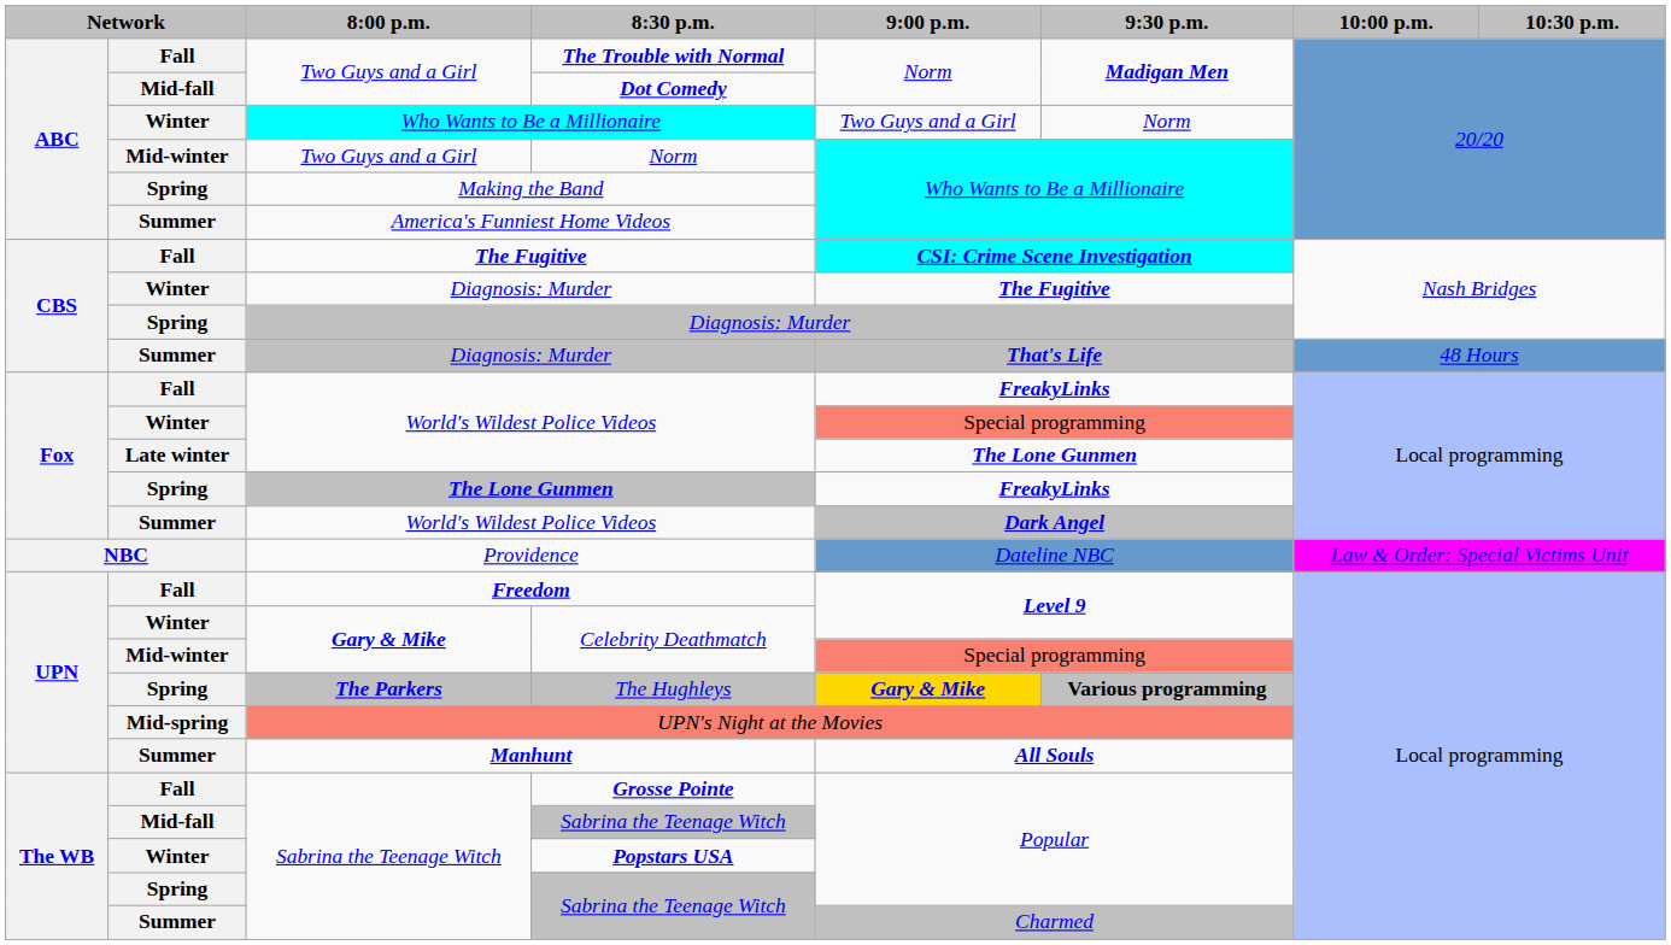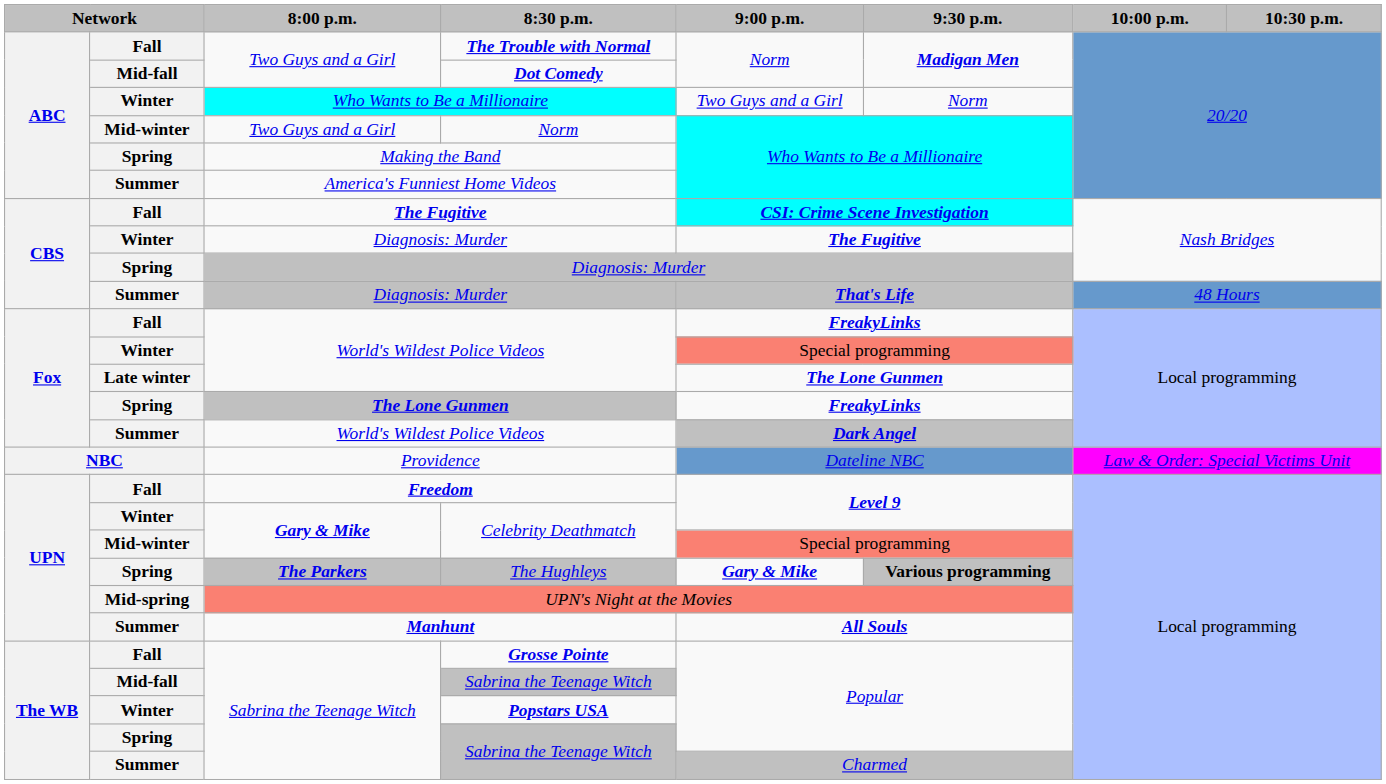 <table class="wikitable" style="width:100%;margin-right:0;text-align:center">
 <tr>
 <th colspan="2" style="background-color:#C0C0C0;text-align:center">Network</th>
 <th style="background-color:#C0C0C0;text-align:center">8:00 p.m.</th>
 <th style="background-color:#C0C0C0;text-align:center">8:30 p.m.</th>
 <th style="background-color:#C0C0C0;text-align:center">9:00 p.m.</th>
 <th style="background-color:#C0C0C0;text-align:center">9:30 p.m.</th>
 <th style="background-color:#C0C0C0;text-align:center">10:00 p.m.</th>
 <th style="background-color:#C0C0C0;text-align:center">10:30 p.m.</th>
 </tr>
 <tr>
 <th rowspan="6"><a href='#'>ABC</a></th>
 <th>Fall</th>
 <td rowspan="2"><em><a href='#'>Two Guys and a Girl</a></em></td>
 <td><strong><em><a href='#'>The Trouble with Normal</a></em></strong></td>
 <td rowspan="2"><em><a href='#'>Norm</a></em></td>
 <td rowspan="2"><strong><em><a href='#'>Madigan Men</a></em></strong></td>
 <td style="background:#6699CC;" colspan="2" rowspan="6"><em><a href='#'>20/20</a></em></td>
 </tr>
 <tr>
 <th>Mid-fall</th>
 <td><strong><em><a href='#'>Dot Comedy</a></em></strong></td>
 </tr>
 <tr>
 <th>Winter</th>
 <td style="background:cyan;" colspan="2"><em><a href='#'>Who Wants to Be a Millionaire</a></em> </td>
 <td><em><a href='#'>Two Guys and a Girl</a></em></td>
 <td><em><a href='#'>Norm</a></em></td>
 </tr>
 <tr>
 <th>Mid-winter</th>
 <td><em><a href='#'>Two Guys and a Girl</a></em></td>
 <td><em><a href='#'>Norm</a></em></td>
 <td style="background:cyan;" rowspan="3" colspan="2"><em><a href='#'>Who Wants to Be a Millionaire</a></em> </td>
 </tr>
 <tr>
 <th>Spring</th>
 <td colspan="2"><em><a href='#'>Making the Band</a></em></td>
 </tr>
 <tr>
 <th>Summer</th>
 <td colspan="2"><em><a href='#'>America's Funniest Home Videos</a></em></td>
 </tr>
 <tr>
 <th rowspan="4"><a href='#'>CBS</a></th>
 <th>Fall</th>
 <td colspan="2"><strong><em><a href='#'>The Fugitive</a></em></strong></td>
 <td style="background:#00FFFF;" colspan="2"><strong><em><a href='#'>CSI: Crime Scene Investigation</a></em></strong> </td>
 <td colspan="2" rowspan="3"><em><a href='#'>Nash Bridges</a></em></td>
 </tr>
 <tr>
 <th>Winter</th>
 <td colspan="2"><em><a href='#'>Diagnosis: Murder</a></em></td>
 <td colspan="2"><strong><em><a href='#'>The Fugitive</a></em></strong></td>
 </tr>
 <tr>
 <th>Spring</th>
 <td colspan="4" style="background:#C0C0C0;"><em><a href='#'>Diagnosis: Murder</a></em> </td>
 </tr>
 <tr>
 <th>Summer</th>
 <td colspan="2" style="background:#C0C0C0;"><em><a href='#'>Diagnosis: Murder</a></em> </td>
 <td colspan="2" style="background:#C0C0C0;"><strong><em><a href='#'>That's Life</a></em></strong> </td>
 <td style="background:#6699CC;" colspan="2"><em><a href='#'>48 Hours</a></em></td>
 </tr>
 <tr>
 <th rowspan="5"><a href='#'>Fox</a></th>
 <th>Fall</th>
 <td colspan="2" rowspan="3"><em><a href='#'>World's Wildest Police Videos</a></em></td>
 <td colspan="2"><strong><em><a href='#'>FreakyLinks</a></em></strong></td>
 <td style="background:#abbfff;" colspan="2" rowspan="5">Local programming</td>
 </tr>
 <tr>
 <th>Winter</th>
 <td style="background:#FA8072;" colspan="2">Special programming</td>
 </tr>
 <tr>
 <th>Late winter</th>
 <td colspan="2"><strong><em><a href='#'>The Lone Gunmen</a></em></strong></td>
 </tr>
 <tr>
 <th>Spring</th>
 <td colspan="2" style="background:#C0C0C0;"><strong><em><a href='#'>The Lone Gunmen</a></em></strong> </td>
 <td colspan="2"><strong><em><a href='#'>FreakyLinks</a></em></strong></td>
 </tr>
 <tr>
 <th>Summer</th>
 <td colspan="2"><em><a href='#'>World's Wildest Police Videos</a></em></td>
 <td colspan="2" style="background:#C0C0C0;"><strong><em><a href='#'>Dark Angel</a></em></strong> </td>
 </tr>
 <tr>
 <th colspan="2"><a href='#'>NBC</a></th>
 <td colspan="2"><em><a href='#'>Providence</a></em></td>
 <td style="background:#6699CC;" colspan="2"><em><a href='#'>Dateline NBC</a></em></td>
 <td style="background:magenta;" colspan="2"><em><a href='#'>Law & Order: Special Victims Unit</a></em> </td>
 </tr>
 <tr>
 <th rowspan="6"><a href='#'>UPN</a></th>
 <th>Fall</th>
 <td colspan="2"><strong><em><a href='#'>Freedom</a></em></strong></td>
 <td colspan="2" rowspan="2"><strong><em><a href='#'>Level 9</a></em></strong></td>
 <td style="background:#abbfff;" colspan="2" rowspan="11">Local programming</td>
 </tr>
 <tr>
 <th>Winter</th>
 <td rowspan="2"><strong><em><a href='#'>Gary & Mike</a></em></strong></td>
 <td rowspan="2"><em><a href='#'>Celebrity Deathmatch</a></em></td>
 </tr>
 <tr>
 <th>Mid-winter</th>
 <td style="background:#FA8072;" colspan="2">Special programming</td>
 </tr>
 <tr>
 <th>Spring</th>
 <td style="background:#C0C0C0;"><strong><em><a href='#'>The Parkers</a></em> </strong></td>
 <td style="background:#C0C0C0;"><em><a href='#'>The Hughleys</a></em> </td>
-<td style="background: gold;"><strong><em><a href='#'>Gary & Mike</a></em></strong></td>
+<td><strong><em><a href='#'>Gary & Mike</a></em></strong></td>
 <td style="background:#C0C0C0;"><strong>Various programming</strong></td>
 </tr>
 <tr>
 <th>Mid-spring</th>
 <td style="background:#FA8072;" colspan="4"><em>UPN's Night at the Movies</em></td>
 </tr>
 <tr>
 <th>Summer</th>
 <td colspan="2"><strong><em><a href='#'>Manhunt</a></em></strong></td>
 <td colspan="2"><strong><em><a href='#'>All Souls</a></em></strong></td>
 </tr>
 <tr>
 <th rowspan="5"><a href='#'>The WB</a></th>
 <th>Fall</th>
 <td rowspan="5"><em><a href='#'>Sabrina the Teenage Witch</a></em></td>
 <td><strong><em><a href='#'>Grosse Pointe</a></em></strong></td>
 <td colspan="2" rowspan="4"><em><a href='#'>Popular</a></em></td>
 </tr>
 <tr>
 <th>Mid-fall</th>
 <td style="background:#C0C0C0;"><em><a href='#'>Sabrina the Teenage Witch</a></em> </td>
 </tr>
 <tr>
 <th>Winter</th>
 <td><strong><em><a href='#'>Popstars USA</a></em></strong></td>
 </tr>
 <tr>
 <th>Spring</th>
 <td rowspan="2" style="background:#C0C0C0;"><em><a href='#'>Sabrina the Teenage Witch</a></em> </td>
 </tr>
 <tr>
 <th>Summer</th>
 <td colspan="2" style="background:#C0C0C0;"><em><a href='#'>Charmed</a></em> </td>
 </tr>
 </table>
